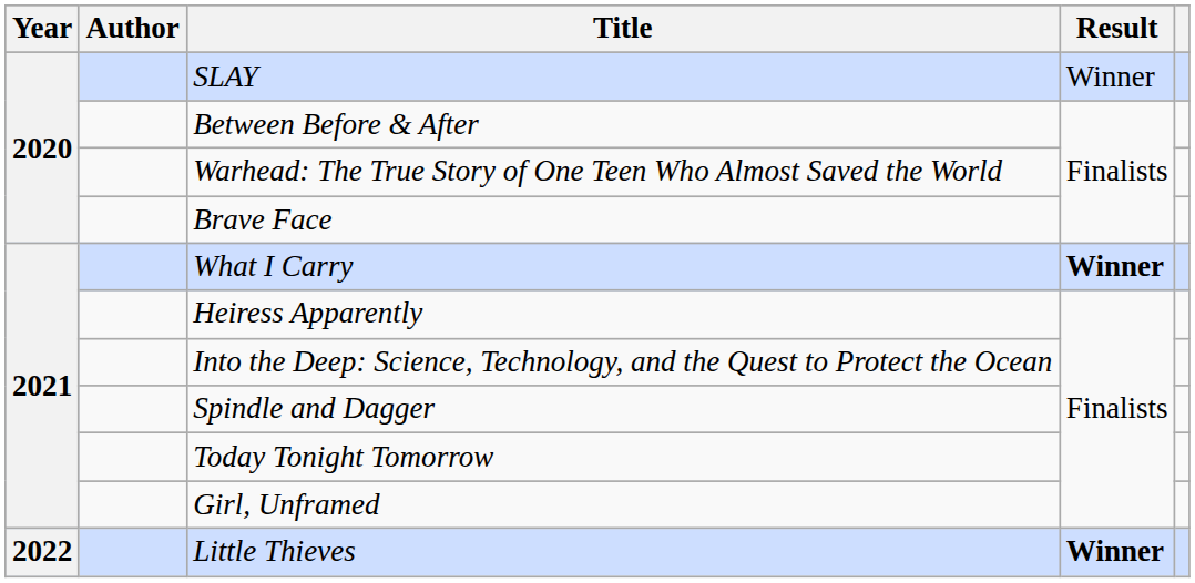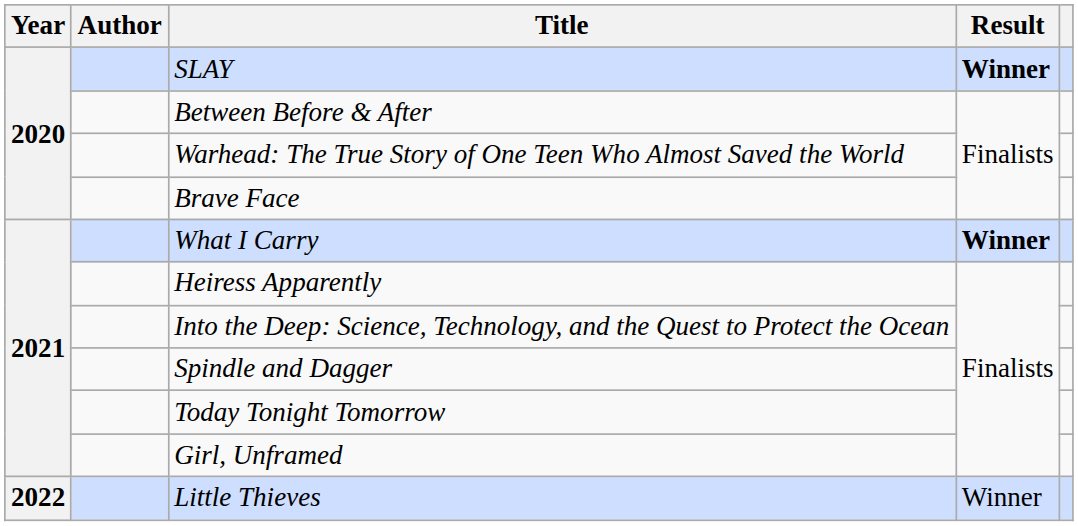 <table class="wikitable sortable mw-collapsible">
 <tr>
 <th>Year</th>
 <th>Author</th>
 <th>Title</th>
 <th>Result</th>
 <th></th>
 </tr>
 <tr style="background:#cddeff">
 <th rowspan="4">2020</th>
 <td></td>
 <td><em>SLAY</em></td>
-<td>Winner</td>
+<td><strong>Winner</strong></td>
 <td></td>
 </tr>
 <tr>
 <td></td>
 <td><em>Between Before & After</em></td>
 <td rowspan="3">Finalists</td>
 <td></td>
 </tr>
 <tr>
 <td></td>
 <td><em>Warhead: The True Story of One Teen Who Almost Saved the World</em></td>
 <td></td>
 </tr>
 <tr>
 <td></td>
 <td><em>Brave Face</em></td>
 <td></td>
 </tr>
 <tr style="background:#cddeff">
 <th rowspan="6">2021</th>
 <td></td>
 <td><em>What I Carry</em></td>
 <td><strong>Winner</strong></td>
 <td></td>
 </tr>
 <tr>
 <td></td>
 <td><em>Heiress Apparently</em></td>
 <td rowspan="5">Finalists</td>
 <td></td>
 </tr>
 <tr>
 <td></td>
 <td><em>Into the Deep: Science, Technology, and the Quest to Protect the Ocean</em></td>
 <td></td>
 </tr>
 <tr>
 <td></td>
 <td><em>Spindle and Dagger</em></td>
 <td></td>
 </tr>
 <tr>
 <td></td>
 <td><em>Today Tonight Tomorrow</em></td>
 <td></td>
 </tr>
 <tr>
 <td></td>
 <td><em>Girl, Unframed</em></td>
 <td></td>
 </tr>
 <tr style="background:#cddeff">
 <th>2022</th>
 <td></td>
 <td><em>Little Thieves</em></td>
-<td><strong>Winner</strong></td>
+<td>Winner</td>
 <td></td>
 </tr>
 </table>
